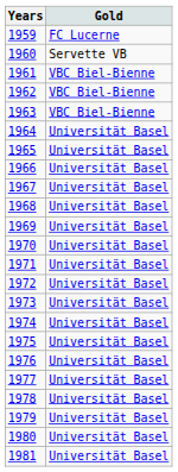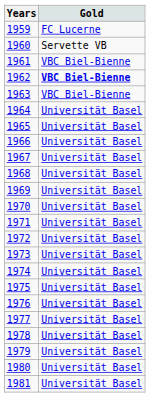 <table class="wikitable" style="display:inline-table;">
 <tr>
 <th>Years</th>
 <th scope="col" style="background-color: #DCE5E5;"> Gold</th>
 </tr>
 <tr>
 <td><a href='#'>1959</a></td>
 <td><a href='#'>FC Lucerne</a></td>
 </tr>
 <tr>
 <td><a href='#'>1960</a></td>
 <td>Servette VB</td>
 </tr>
 <tr>
 <td><a href='#'>1961</a></td>
 <td><a href='#'>VBC Biel-Bienne</a></td>
 </tr>
 <tr>
 <td><a href='#'>1962</a></td>
-<td><a href='#'>VBC Biel-Bienne</a></td>
+<td><strong><a href='#'>VBC Biel-Bienne</a></strong></td>
 </tr>
 <tr>
 <td><a href='#'>1963</a></td>
 <td><a href='#'>VBC Biel-Bienne</a></td>
 </tr>
 <tr>
 <td><a href='#'>1964</a></td>
 <td><a href='#'>Universität Basel</a></td>
 </tr>
 <tr>
 <td><a href='#'>1965</a></td>
 <td><a href='#'>Universität Basel</a></td>
 </tr>
 <tr>
 <td><a href='#'>1966</a></td>
 <td><a href='#'>Universität Basel</a></td>
 </tr>
 <tr>
 <td><a href='#'>1967</a></td>
 <td><a href='#'>Universität Basel</a></td>
 </tr>
 <tr>
 <td><a href='#'>1968</a></td>
 <td><a href='#'>Universität Basel</a></td>
 </tr>
 <tr>
 <td><a href='#'>1969</a></td>
 <td><a href='#'>Universität Basel</a></td>
 </tr>
 <tr>
 <td><a href='#'>1970</a></td>
 <td><a href='#'>Universität Basel</a></td>
 </tr>
 <tr>
 <td><a href='#'>1971</a></td>
 <td><a href='#'>Universität Basel</a></td>
 </tr>
 <tr>
 <td><a href='#'>1972</a></td>
 <td><a href='#'>Universität Basel</a></td>
 </tr>
 <tr>
 <td><a href='#'>1973</a></td>
 <td><a href='#'>Universität Basel</a></td>
 </tr>
 <tr>
 <td><a href='#'>1974</a></td>
 <td><a href='#'>Universität Basel</a></td>
 </tr>
 <tr>
 <td><a href='#'>1975</a></td>
 <td><a href='#'>Universität Basel</a></td>
 </tr>
 <tr>
 <td><a href='#'>1976</a></td>
 <td><a href='#'>Universität Basel</a></td>
 </tr>
 <tr>
 <td><a href='#'>1977</a></td>
 <td><a href='#'>Universität Basel</a></td>
 </tr>
 <tr>
 <td><a href='#'>1978</a></td>
 <td><a href='#'>Universität Basel</a></td>
 </tr>
 <tr>
 <td><a href='#'>1979</a></td>
 <td><a href='#'>Universität Basel</a></td>
 </tr>
 <tr>
 <td><a href='#'>1980</a></td>
 <td><a href='#'>Universität Basel</a></td>
 </tr>
 <tr>
 <td><a href='#'>1981</a></td>
 <td><a href='#'>Universität Basel</a></td>
 </tr>
 </table>
